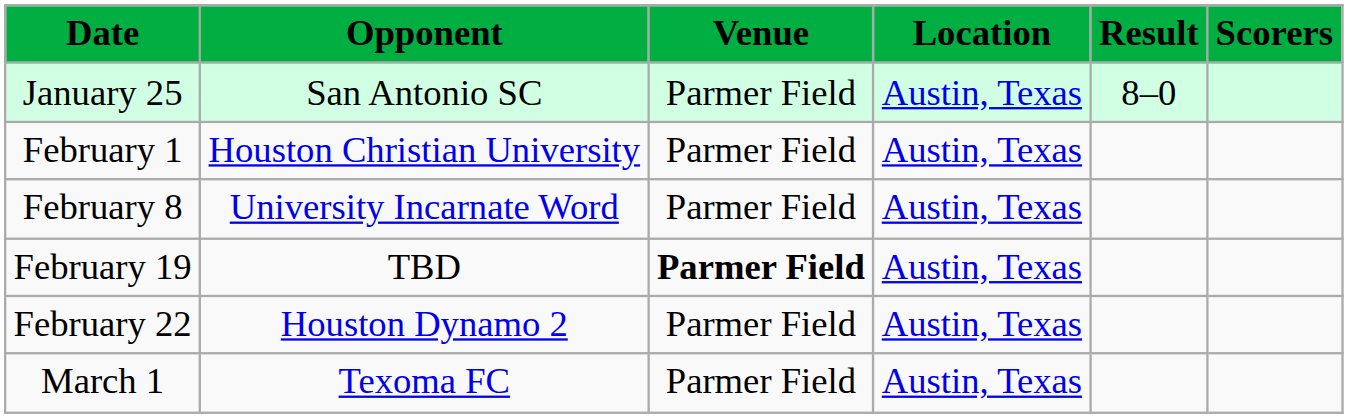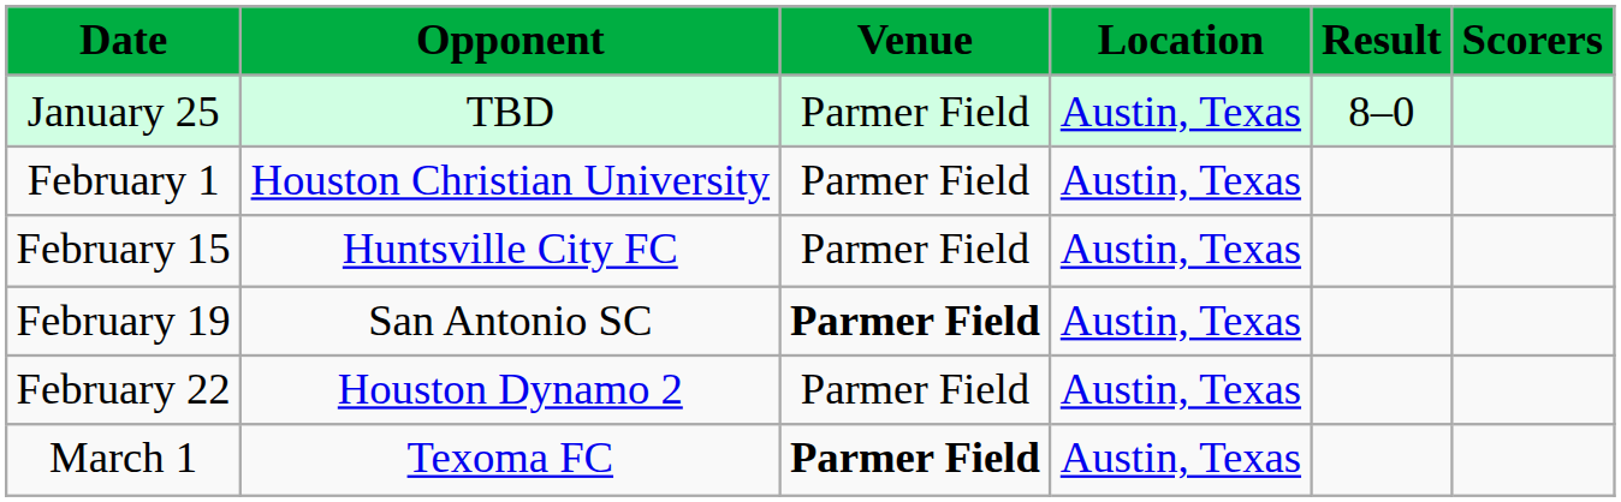 <table class="wikitable" align="center">
 <tr>
 <th style="background:#00AE42; color:black;">Date</th>
 <th style="background:#00AE42; color:black;">Opponent</th>
 <th style="background:#00AE42; color:black;">Venue</th>
 <th style="background:#00AE42; color:black;">Location</th>
 <th style="background:#00AE42; color:black;">Result</th>
 <th style="background:#00AE42; color:black;">Scorers</th>
 </tr>
 <tr bgcolor = d0ffe3>
 <td align="center">January 25</td>
-<td align="center">San Antonio SC</td>
+<td align="center">TBD</td>
 <td align="center">Parmer Field</td>
 <td align="center"><a href='#'>Austin, Texas</a></td>
 <td align="center">8–0</td>
 <td align="center"></td>
 </tr>
 <tr bgcolor =>
 <td align="center">February 1</td>
 <td align="center"><a href='#'>Houston Christian University</a></td>
 <td align="center">Parmer Field</td>
 <td align="center"><a href='#'>Austin, Texas</a></td>
 <td align="center"></td>
 <td align="center"></td>
 </tr>
 <tr bgcolor =>
-<td align="center">February 8</td>
-<td align="center"><a href='#'>University Incarnate Word</a></td>
+<td align="center">February 15</td>
+<td align="center"><a href='#'>Huntsville City FC</a></td>
 <td align="center">Parmer Field</td>
 <td align="center"><a href='#'>Austin, Texas</a></td>
 <td align="center"></td>
 <td align="center"></td>
 </tr>
 <tr bgcolor =>
 <td align="center">February 19</td>
-<td align="center">TBD</td>
+<td align="center">San Antonio SC</td>
 <td align="center"><strong>Parmer Field</strong></td>
 <td align="center"><a href='#'>Austin, Texas</a></td>
 <td align="center"></td>
 <td align="center"></td>
 </tr>
 <tr bgcolor =>
 <td align="center">February 22</td>
 <td align="center"><a href='#'>Houston Dynamo 2</a></td>
 <td align="center">Parmer Field</td>
 <td align="center"><a href='#'>Austin, Texas</a></td>
 <td align="center"></td>
 <td align="center"></td>
 </tr>
 <tr bgcolor =>
 <td align="center">March 1</td>
 <td align="center"><a href='#'>Texoma FC</a></td>
-<td align="center">Parmer Field</td>
+<td align="center"><strong>Parmer Field</strong></td>
 <td align="center"><a href='#'>Austin, Texas</a></td>
 <td align="center"></td>
 <td align="center"></td>
 </tr>
 </table>
